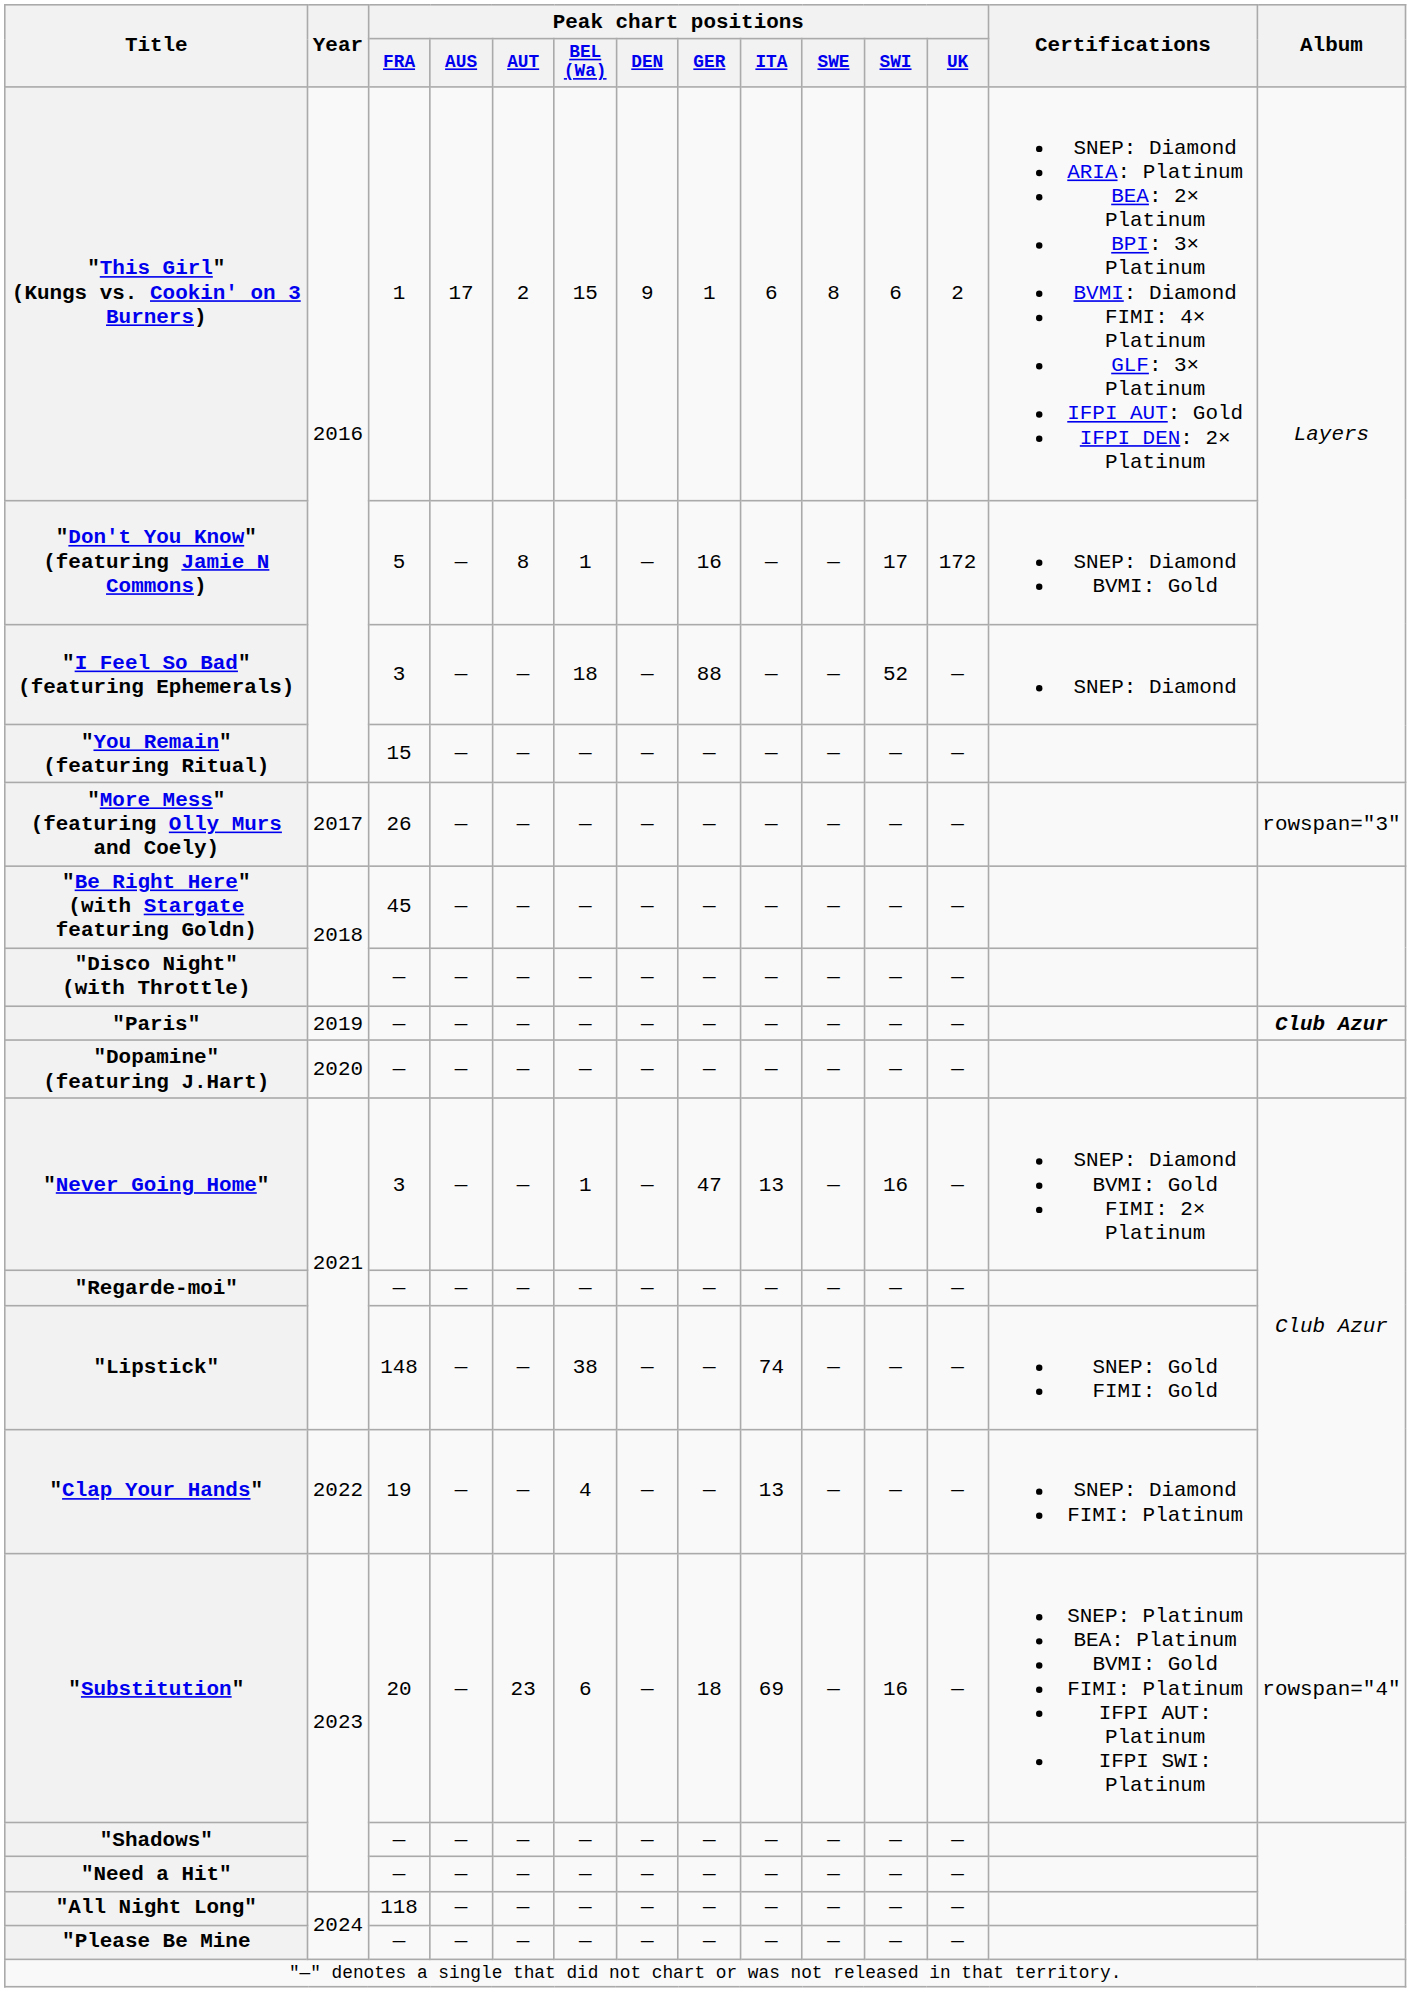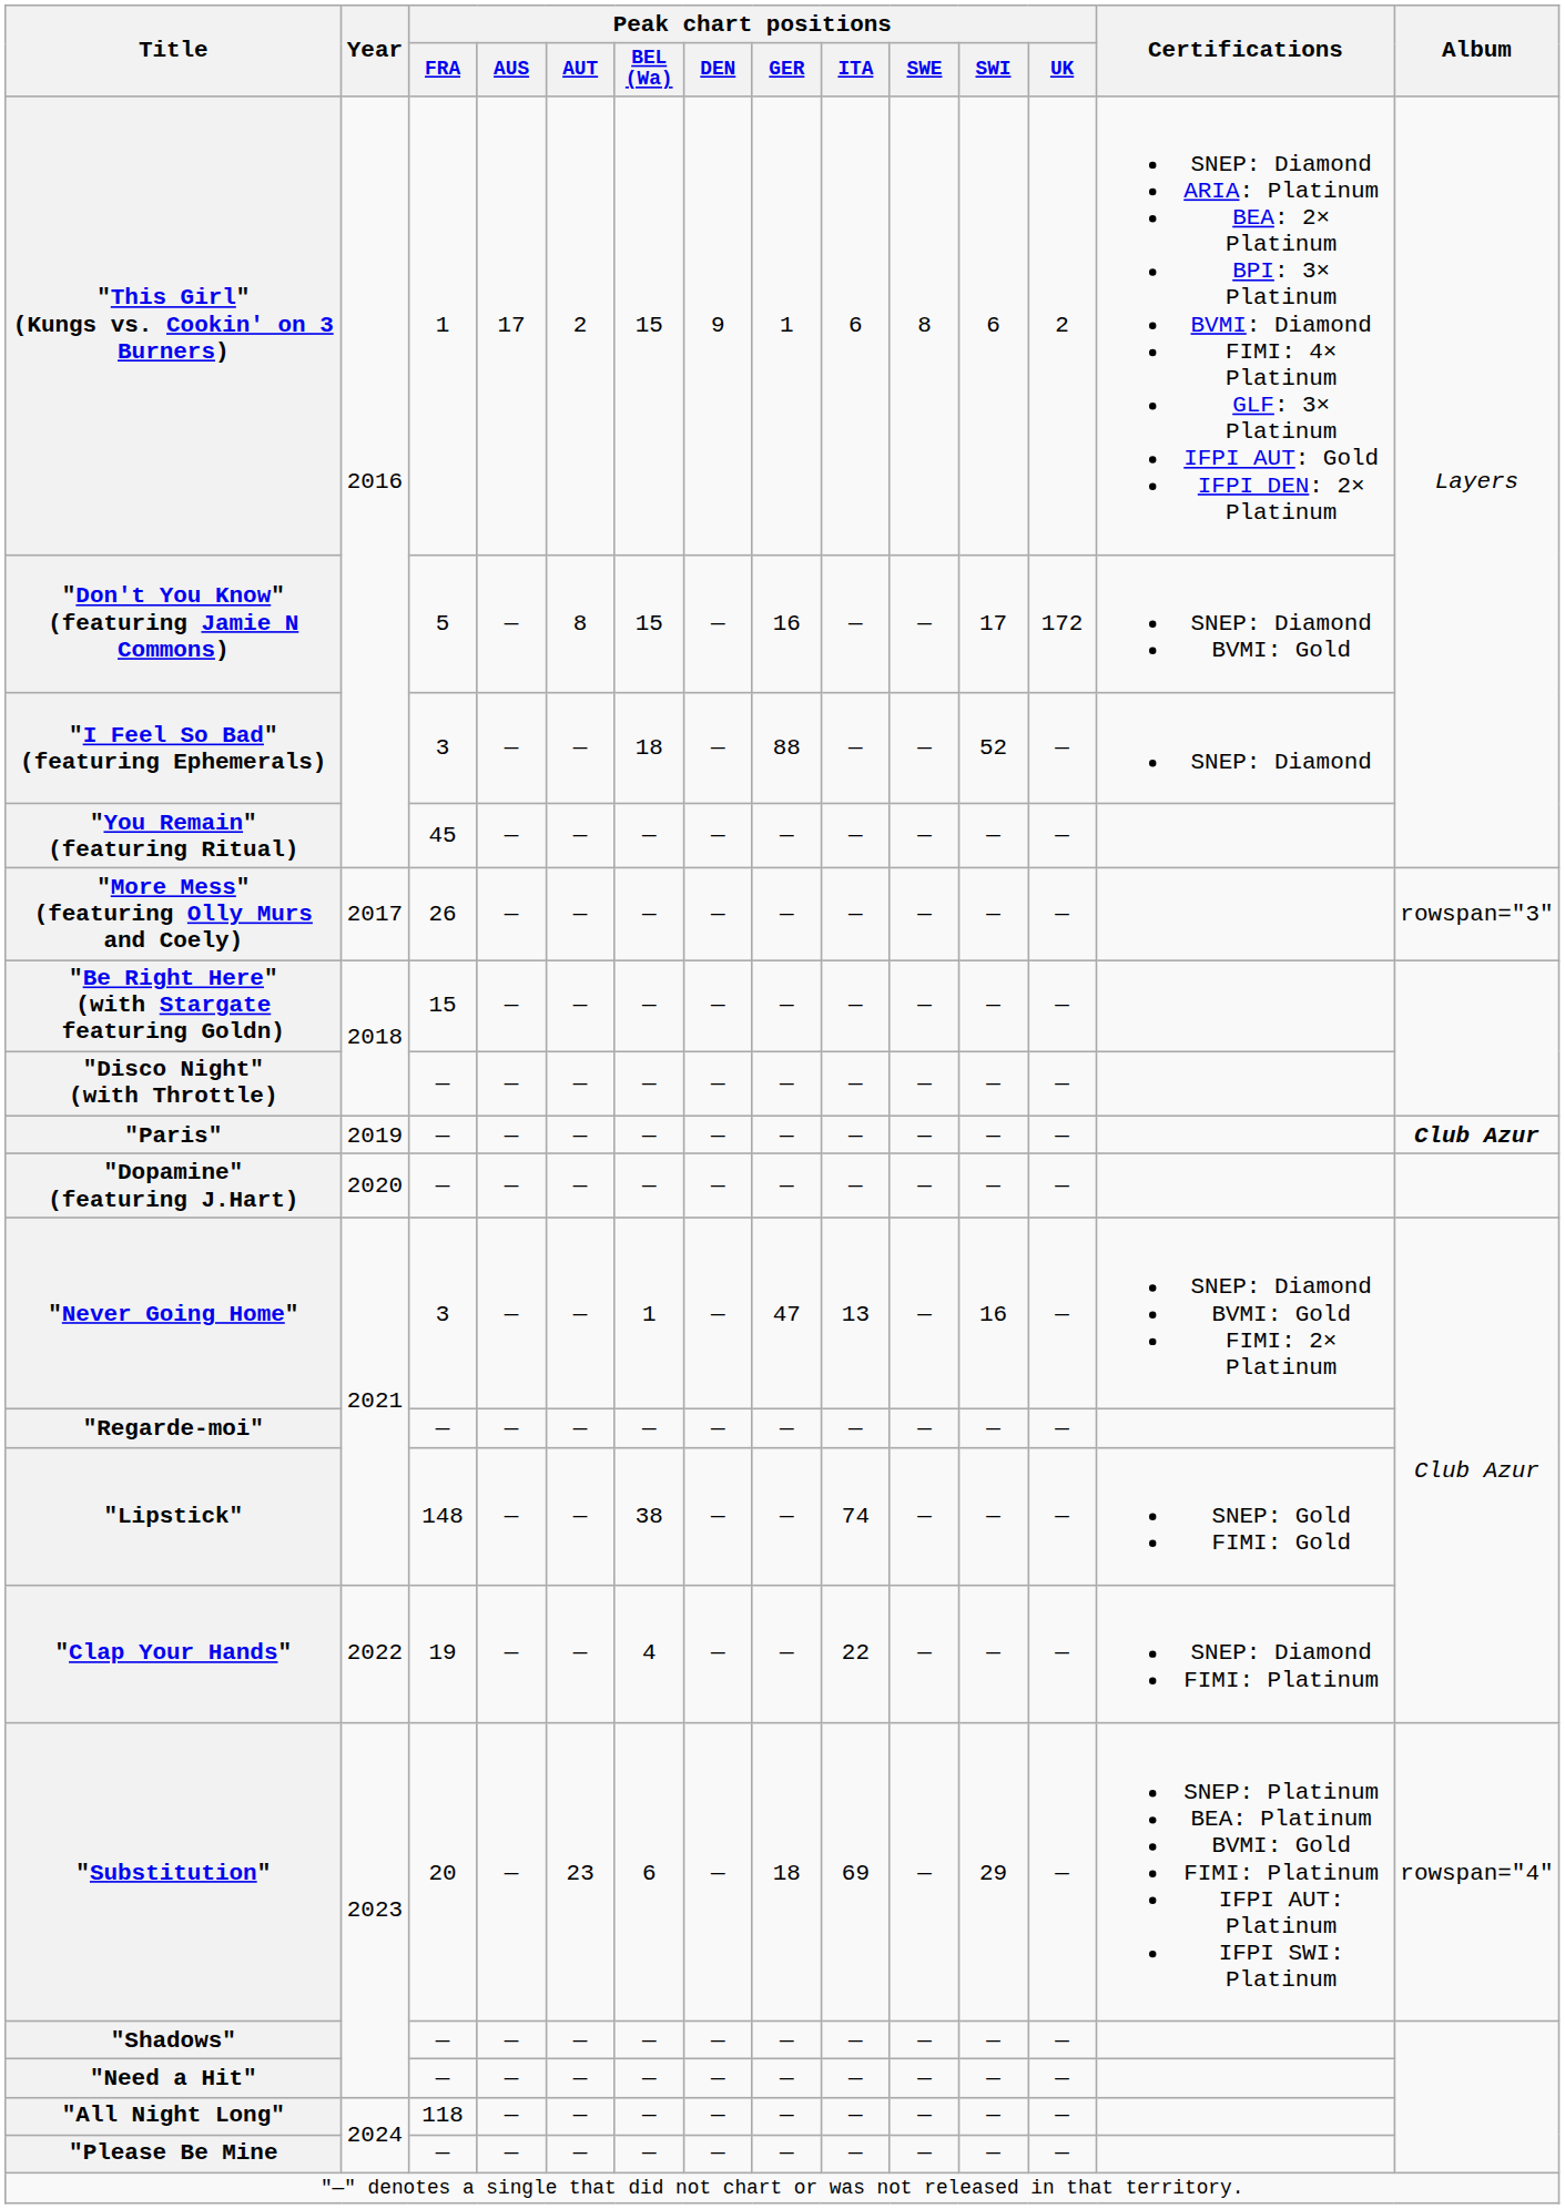 <table class="wikitable plainrowheaders" style="text-align:center;">
 <tr>
 <th scope="col" rowspan="2" style="width:14em;">Title</th>
 <th scope="col" rowspan="2" style="width:1em;">Year</th>
 <th scope="col" colspan="10">Peak chart positions</th>
 <th scope="col" rowspan="2">Certifications</th>
 <th scope="col" rowspan="2">Album</th>
 </tr>
 <tr>
 <th scope="col" style="width:3em;font-size:85%;"><a href='#'>FRA</a><br></th>
 <th scope="col" style="width:3em;font-size:85%;"><a href='#'>AUS</a><br></th>
 <th scope="col" style="width:3em;font-size:85%;"><a href='#'>AUT</a><br></th>
 <th scope="col" style="width:3em;font-size:85%;"><a href='#'>BEL (Wa)</a><br></th>
 <th scope="col" style="width:3em;font-size:85%;"><a href='#'>DEN</a><br></th>
 <th scope="col" style="width:3em;font-size:85%;"><a href='#'>GER</a><br></th>
 <th scope="col" style="width:3em;font-size:85%;"><a href='#'>ITA</a><br></th>
 <th scope="col" style="width:3em;font-size:85%;"><a href='#'>SWE</a><br></th>
 <th scope="col" style="width:3em;font-size:85%;"><a href='#'>SWI</a><br></th>
 <th scope="col" style="width:3em;font-size:85%;"><a href='#'>UK</a><br></th>
 </tr>
 <tr>
 <th scope="row">"<a href='#'>This Girl</a>"<br><span>(Kungs vs. <a href='#'>Cookin' on 3 Burners</a>)</span></th>
 <td rowspan="4">2016</td>
 <td>1</td>
 <td>17</td>
 <td>2</td>
 <td>15</td>
 <td>9</td>
 <td>1</td>
 <td>6</td>
 <td>8</td>
 <td>6</td>
 <td>2</td>
 <td><br><ul><li>SNEP: Diamond</li><li><a href='#'>ARIA</a>: Platinum</li><li><a href='#'>BEA</a>: 2× Platinum</li><li><a href='#'>BPI</a>: 3× Platinum</li><li><a href='#'>BVMI</a>: Diamond</li><li>FIMI: 4× Platinum</li><li><a href='#'>GLF</a>: 3× Platinum</li><li><a href='#'>IFPI AUT</a>: Gold</li><li><a href='#'>IFPI DEN</a>: 2× Platinum</li></ul></td>
 <td rowspan="4"><em>Layers</em></td>
 </tr>
 <tr>
 <th scope="row">"<a href='#'>Don't You Know</a>"<br><span>(featuring <a href='#'>Jamie N Commons</a>)</span></th>
 <td>5</td>
 <td>—</td>
 <td>8</td>
-<td>1</td>
+<td>15</td>
 <td>—</td>
 <td>16</td>
 <td>—</td>
 <td>—</td>
 <td>17</td>
 <td>172</td>
 <td><br><ul><li>SNEP: Diamond</li><li>BVMI: Gold</li></ul></td>
 </tr>
 <tr>
 <th scope="row">"<a href='#'>I Feel So Bad</a>" <br><span> (featuring Ephemerals)</span></th>
 <td>3</td>
 <td>—</td>
 <td>—</td>
 <td>18</td>
 <td>—</td>
 <td>88</td>
 <td>—</td>
 <td>—</td>
 <td>52</td>
 <td>—</td>
 <td><br><ul><li>SNEP: Diamond</li></ul></td>
 </tr>
 <tr>
 <th scope="row">"<a href='#'>You Remain</a>" <br><span>(featuring Ritual)</span></th>
-<td>15</td>
+<td>45</td>
 <td>—</td>
 <td>—</td>
 <td>—</td>
 <td>—</td>
 <td>—</td>
 <td>—</td>
 <td>—</td>
 <td>—</td>
 <td>—</td>
 <td></td>
 </tr>
 <tr>
 <th scope="row">"<a href='#'>More Mess</a>"<br><span>(featuring <a href='#'>Olly Murs</a> and Coely)</span></th>
 <td>2017</td>
 <td>26<br></td>
 <td>—</td>
 <td>—</td>
 <td>—</td>
 <td>—</td>
 <td>—</td>
 <td>—</td>
 <td>—</td>
 <td>—</td>
 <td>—</td>
 <td></td>
 <td>rowspan="3" </td>
 </tr>
 <tr>
 <th scope="row">"<a href='#'>Be Right Here</a>"<br><span>(with <a href='#'>Stargate</a> featuring Goldn)</span></th>
 <td rowspan="2">2018</td>
-<td>45</td>
+<td>15</td>
 <td>—</td>
 <td>—</td>
 <td>—</td>
 <td>—</td>
 <td>—</td>
 <td>—</td>
 <td>—</td>
 <td>—</td>
 <td>—</td>
 <td></td>
 </tr>
 <tr>
 <th scope="row">"Disco Night" <br><span>(with Throttle)</span></th>
 <td>—</td>
 <td>—</td>
 <td>—</td>
 <td>—</td>
 <td>—</td>
 <td>—</td>
 <td>—</td>
 <td>—</td>
 <td>—</td>
 <td>—</td>
 <td></td>
 </tr>
 <tr>
 <th scope="row">"Paris"</th>
 <td>2019</td>
 <td>—</td>
 <td>—</td>
 <td>—</td>
 <td>—</td>
 <td>—</td>
 <td>—</td>
 <td>—</td>
 <td>—</td>
 <td>—</td>
 <td>—</td>
 <td></td>
 <td><strong><em>Club Azur</em></strong></td>
 </tr>
 <tr>
 <th scope="row">"Dopamine" <br><span>(featuring J.Hart)</span></th>
 <td>2020</td>
 <td>—</td>
 <td>—</td>
 <td>—</td>
 <td>—</td>
 <td>—</td>
 <td>—</td>
 <td>—</td>
 <td>—</td>
 <td>—</td>
 <td>—</td>
 <td></td>
 <td></td>
 </tr>
 <tr>
 <th scope="row">"<a href='#'>Never Going Home</a>"</th>
 <td rowspan="3">2021</td>
 <td>3</td>
 <td>—</td>
 <td>—</td>
 <td>1</td>
 <td>—</td>
 <td>47</td>
 <td>13</td>
 <td>—</td>
 <td>16</td>
 <td>—</td>
 <td><br><ul><li>SNEP: Diamond</li><li>BVMI: Gold</li><li>FIMI: 2× Platinum</li></ul></td>
 <td rowspan="4"><em>Club Azur</em></td>
 </tr>
 <tr>
 <th scope="row">"Regarde-moi"</th>
 <td>—</td>
 <td>—</td>
 <td>—</td>
 <td>—</td>
 <td>—</td>
 <td>—</td>
 <td>—</td>
 <td>—</td>
 <td>—</td>
 <td>—</td>
 <td></td>
 </tr>
 <tr>
 <th scope="row">"Lipstick"</th>
 <td>148</td>
 <td>—</td>
 <td>—</td>
 <td>38</td>
 <td>—</td>
 <td>—</td>
 <td>74</td>
 <td>—</td>
 <td>—</td>
 <td>—</td>
 <td><br><ul><li>SNEP: Gold</li><li>FIMI: Gold</li></ul></td>
 </tr>
 <tr>
 <th scope="row">"<a href='#'>Clap Your Hands</a>"</th>
 <td>2022</td>
 <td>19</td>
 <td>—</td>
 <td>—</td>
 <td>4</td>
 <td>—</td>
 <td>—</td>
-<td>13</td>
+<td>22</td>
 <td>—</td>
 <td>—</td>
 <td>—</td>
 <td><br><ul><li>SNEP: Diamond</li><li>FIMI: Platinum</li></ul></td>
 </tr>
 <tr>
 <th scope="row">"<a href='#'>Substitution</a>"<br></th>
 <td rowspan="3">2023</td>
 <td>20</td>
 <td>—</td>
 <td>23</td>
 <td>6</td>
 <td>—</td>
 <td>18</td>
 <td>69<br></td>
 <td>—</td>
-<td>16</td>
+<td>29</td>
 <td>—</td>
 <td><br><ul><li>SNEP: Platinum</li><li>BEA: Platinum</li><li>BVMI: Gold</li><li>FIMI: Platinum</li><li>IFPI AUT: Platinum</li><li>IFPI SWI: Platinum</li></ul></td>
 <td>rowspan="4" </td>
 </tr>
 <tr>
 <th scope="row">"Shadows"<br></th>
 <td>—</td>
 <td>—</td>
 <td>—</td>
 <td>—</td>
 <td>—</td>
 <td>—</td>
 <td>—</td>
 <td>—</td>
 <td>—</td>
 <td>—</td>
 <td></td>
 </tr>
 <tr>
 <th scope="row">"Need a Hit"<br></th>
 <td>—</td>
 <td>—</td>
 <td>—</td>
 <td>—</td>
 <td>—</td>
 <td>—</td>
 <td>—</td>
 <td>—</td>
 <td>—</td>
 <td>—</td>
 <td></td>
 </tr>
 <tr>
 <th scope="row">"All Night Long"<br></th>
 <td rowspan="2">2024</td>
 <td>118<br></td>
 <td>—</td>
 <td>—</td>
 <td>—</td>
 <td>—</td>
 <td>—</td>
 <td>—</td>
 <td>—</td>
 <td>—</td>
 <td>—</td>
 <td></td>
 </tr>
 <tr>
 <th scope="row">"Please Be Mine<br></th>
 <td>—</td>
 <td>—</td>
 <td>—</td>
 <td>—</td>
 <td>—</td>
 <td>—</td>
 <td>—</td>
 <td>—</td>
 <td>—</td>
 <td>—</td>
 <td></td>
 </tr>
 <tr>
 <td colspan="14" style="text-align:center; font-size:85%;">"—" denotes a single that did not chart or was not released in that territory.</td>
 </tr>
 </table>
